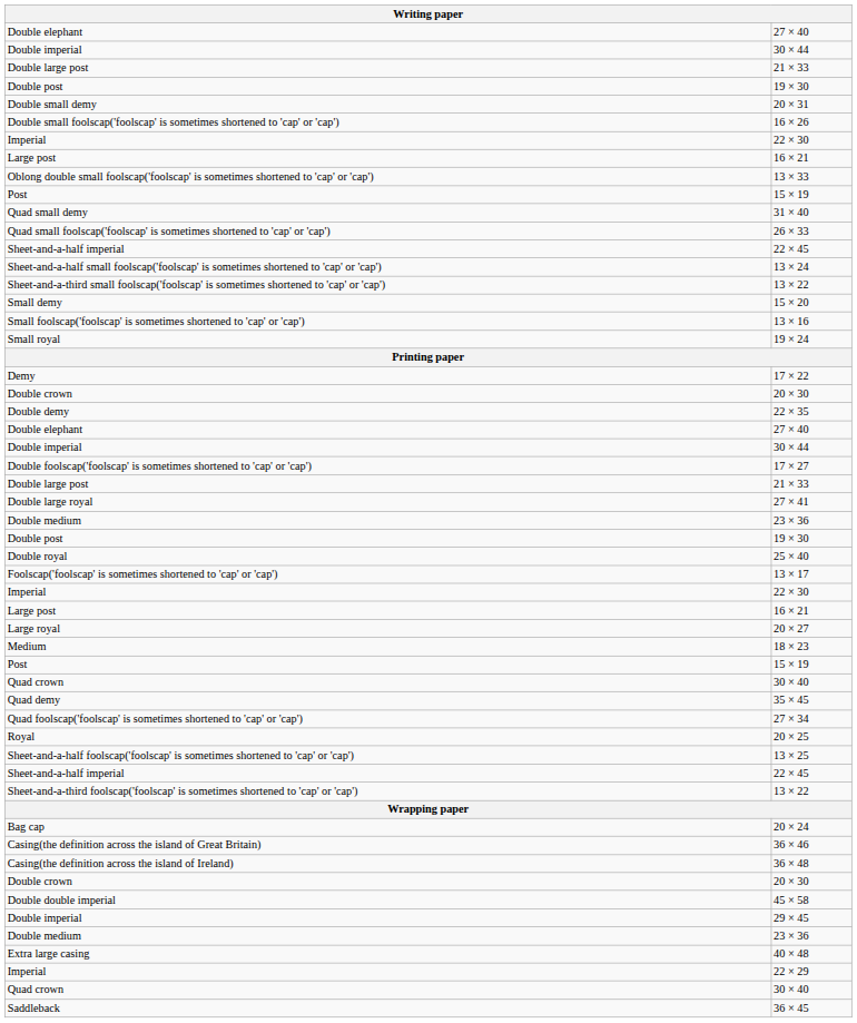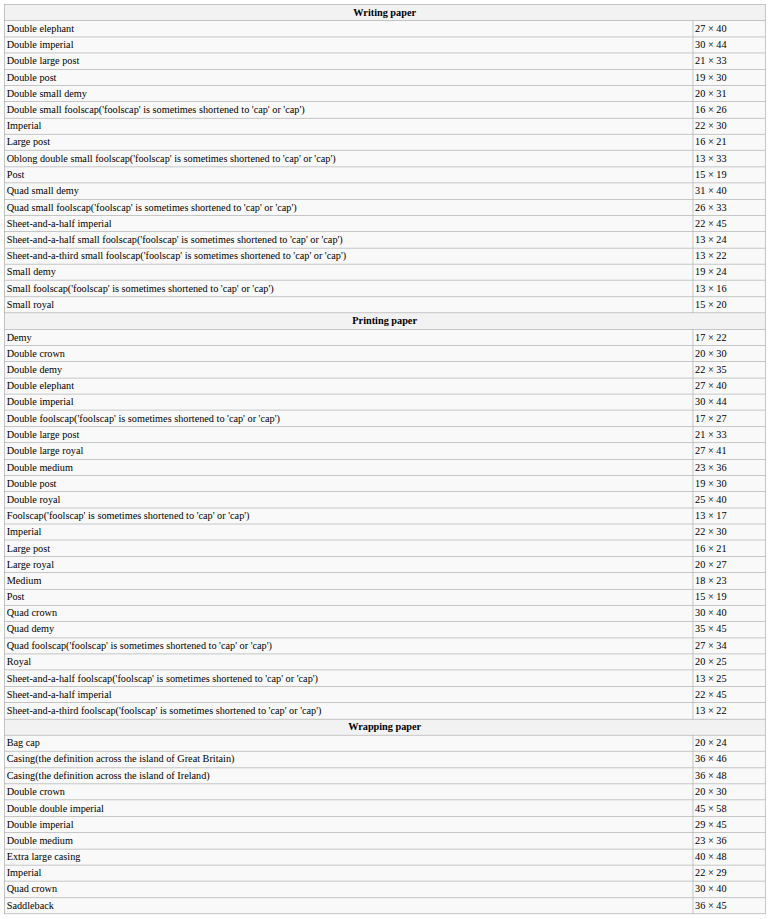 <table class="wikitable">
 <tr>
 <th colspan="2" width="50%">Writing paper</th>
 </tr>
 <tr>
 <td>Double elephant</td>
 <td>27 × 40</td>
 </tr>
 <tr>
 <td>Double imperial</td>
 <td>30 × 44</td>
 </tr>
 <tr>
 <td>Double large post</td>
 <td>21 × 33</td>
 </tr>
 <tr>
 <td>Double post</td>
 <td>19 × 30</td>
 </tr>
 <tr>
 <td>Double small demy</td>
 <td>20 × 31</td>
 </tr>
 <tr>
 <td>Double small foolscap('foolscap' is sometimes shortened to 'cap' or 'cap')</td>
 <td>16 × 26</td>
 </tr>
 <tr>
 <td>Imperial</td>
 <td>22 × 30</td>
 </tr>
 <tr>
 <td>Large post</td>
 <td>16 × 21</td>
 </tr>
 <tr>
 <td>Oblong double small foolscap('foolscap' is sometimes shortened to 'cap' or 'cap')</td>
 <td>13 × 33</td>
 </tr>
 <tr>
 <td>Post</td>
 <td>15 × 19</td>
 </tr>
 <tr>
 <td>Quad small demy</td>
 <td>31 × 40</td>
 </tr>
 <tr>
 <td>Quad small foolscap('foolscap' is sometimes shortened to 'cap' or 'cap')</td>
 <td>26 × 33</td>
 </tr>
 <tr>
 <td>Sheet‑and‑a‑half imperial</td>
 <td>22 × 45</td>
 </tr>
 <tr>
 <td>Sheet‑and‑a‑half small foolscap('foolscap' is sometimes shortened to 'cap' or 'cap')</td>
 <td>13 × 24</td>
 </tr>
 <tr>
 <td>Sheet‑and‑a‑third small foolscap('foolscap' is sometimes shortened to 'cap' or 'cap')</td>
 <td>13 × 22</td>
 </tr>
 <tr>
 <td>Small demy</td>
-<td>15 × 20</td>
+<td>19 × 24</td>
 </tr>
 <tr>
 <td>Small foolscap('foolscap' is sometimes shortened to 'cap' or 'cap')</td>
 <td>13 × 16</td>
 </tr>
 <tr>
 <td>Small royal</td>
-<td>19 × 24</td>
+<td>15 × 20</td>
 </tr>
 <tr>
 <th colspan="2">Printing paper</th>
 </tr>
 <tr>
 <td>Demy</td>
 <td>17 × 22</td>
 </tr>
 <tr>
 <td>Double crown</td>
 <td>20 × 30</td>
 </tr>
 <tr>
 <td>Double demy</td>
 <td>22 × 35</td>
 </tr>
 <tr>
 <td>Double elephant</td>
 <td>27 × 40</td>
 </tr>
 <tr>
 <td>Double imperial</td>
 <td>30 × 44</td>
 </tr>
 <tr>
 <td>Double foolscap('foolscap' is sometimes shortened to 'cap' or 'cap')</td>
 <td>17 × 27</td>
 </tr>
 <tr>
 <td>Double large post</td>
 <td>21 × 33</td>
 </tr>
 <tr>
 <td>Double large royal</td>
 <td>27 × 41</td>
 </tr>
 <tr>
 <td>Double medium</td>
 <td>23 × 36</td>
 </tr>
 <tr>
 <td>Double post</td>
 <td>19 × 30</td>
 </tr>
 <tr>
 <td>Double royal</td>
 <td>25 × 40</td>
 </tr>
 <tr>
 <td>Foolscap('foolscap' is sometimes shortened to 'cap' or 'cap')</td>
 <td>13 × 17</td>
 </tr>
 <tr>
 <td>Imperial</td>
 <td>22 × 30</td>
 </tr>
 <tr>
 <td>Large post</td>
 <td>16 × 21</td>
 </tr>
 <tr>
 <td>Large royal</td>
 <td>20 × 27</td>
 </tr>
 <tr>
 <td>Medium</td>
 <td>18 × 23</td>
 </tr>
 <tr>
 <td>Post</td>
 <td>15 × 19</td>
 </tr>
 <tr>
 <td>Quad crown</td>
 <td>30 × 40</td>
 </tr>
 <tr>
 <td>Quad demy</td>
 <td>35 × 45</td>
 </tr>
 <tr>
 <td>Quad foolscap('foolscap' is sometimes shortened to 'cap' or 'cap')</td>
 <td>27 × 34</td>
 </tr>
 <tr>
 <td>Royal</td>
 <td>20 × 25</td>
 </tr>
 <tr>
 <td>Sheet‑and‑a‑half foolscap('foolscap' is sometimes shortened to 'cap' or 'cap')</td>
 <td>13 × 25</td>
 </tr>
 <tr>
 <td>Sheet‑and‑a‑half imperial</td>
 <td>22 × 45</td>
 </tr>
 <tr>
 <td>Sheet‑and‑a‑third foolscap('foolscap' is sometimes shortened to 'cap' or 'cap')</td>
 <td>13 × 22</td>
 </tr>
 <tr>
 <th colspan="2">Wrapping paper</th>
 </tr>
 <tr>
 <td>Bag cap</td>
 <td>20 × 24</td>
 </tr>
 <tr>
 <td>Casing(the definition across the island of Great Britain)</td>
 <td>36 × 46</td>
 </tr>
 <tr>
 <td>Casing(the definition across the island of Ireland)</td>
 <td>36 × 48</td>
 </tr>
 <tr>
 <td>Double crown</td>
 <td>20 × 30</td>
 </tr>
 <tr>
 <td>Double double imperial</td>
 <td>45 × 58</td>
 </tr>
 <tr>
 <td>Double imperial</td>
 <td>29 × 45</td>
 </tr>
 <tr>
 <td>Double medium</td>
 <td>23 × 36</td>
 </tr>
 <tr>
 <td>Extra large casing</td>
 <td>40 × 48</td>
 </tr>
 <tr>
 <td>Imperial</td>
 <td>22 × 29</td>
 </tr>
 <tr>
 <td>Quad crown</td>
 <td>30 × 40</td>
 </tr>
 <tr>
 <td>Saddleback</td>
 <td>36 × 45</td>
 </tr>
 </table>
